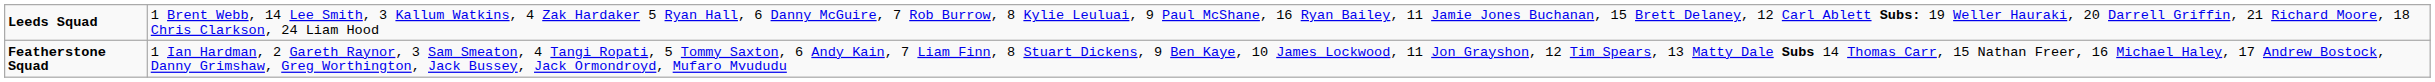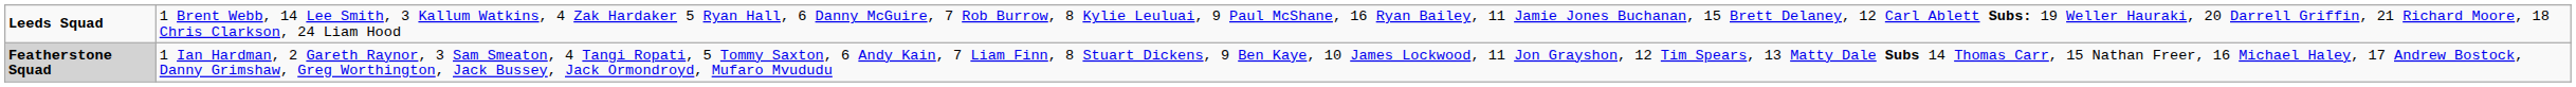 <table class="wikitable" style="font-size:85%;">
 <tr>
 <td><strong>Leeds Squad</strong></td>
 <td>1 <a href='#'>Brent Webb</a>, 14 <a href='#'>Lee Smith</a>, 3 <a href='#'>Kallum Watkins</a>, 4 <a href='#'>Zak Hardaker</a> 5 <a href='#'>Ryan Hall</a>, 6 <a href='#'>Danny McGuire</a>, 7 <a href='#'>Rob Burrow</a>, 8 <a href='#'>Kylie Leuluai</a>, 9 <a href='#'>Paul McShane</a>, 16 <a href='#'>Ryan Bailey</a>, 11 <a href='#'>Jamie Jones Buchanan</a>, 15 <a href='#'>Brett Delaney</a>, 12 <a href='#'>Carl Ablett</a> <strong>Subs:</strong> 19 <a href='#'>Weller Hauraki</a>, 20 <a href='#'>Darrell Griffin</a>, 21 <a href='#'>Richard Moore</a>, 18 <a href='#'>Chris Clarkson</a>, 24 Liam Hood</td>
 </tr>
 <tr>
-<td><strong>Featherstone Squad</strong></td>
+<td style="background: lightgrey;"><strong>Featherstone Squad</strong></td>
 <td>1 <a href='#'>Ian Hardman</a>, 2 <a href='#'>Gareth Raynor</a>, 3 <a href='#'>Sam Smeaton</a>, 4 <a href='#'>Tangi Ropati</a>, 5 <a href='#'>Tommy Saxton</a>, 6 <a href='#'>Andy Kain</a>, 7 <a href='#'>Liam Finn</a>, 8 <a href='#'>Stuart Dickens</a>, 9 <a href='#'>Ben Kaye</a>, 10 <a href='#'>James Lockwood</a>, 11 <a href='#'>Jon Grayshon</a>, 12 <a href='#'>Tim Spears</a>, 13 <a href='#'>Matty Dale</a> <strong>Subs</strong> 14 <a href='#'>Thomas Carr</a>, 15 Nathan Freer, 16 <a href='#'>Michael Haley</a>, 17 <a href='#'>Andrew Bostock</a>, <a href='#'>Danny Grimshaw</a>, <a href='#'>Greg Worthington</a>, <a href='#'>Jack Bussey</a>, <a href='#'>Jack Ormondroyd</a>, <a href='#'>Mufaro Mvududu</a></td>
 </tr>
 </table>
